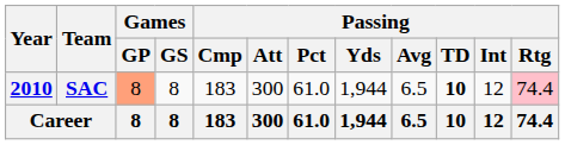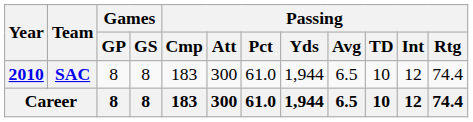 <table class="wikitable" style="text-align:center;">
 <tr>
 <th rowspan="2">Year</th>
 <th rowspan="2">Team</th>
 <th colspan="2">Games</th>
 <th colspan="8">Passing</th>
 </tr>
 <tr>
 <th>GP</th>
 <th>GS</th>
 <th>Cmp</th>
 <th>Att</th>
 <th>Pct</th>
 <th>Yds</th>
 <th>Avg</th>
 <th>TD</th>
 <th>Int</th>
 <th>Rtg</th>
 </tr>
 <tr>
 <th><a href='#'>2010</a></th>
 <th><a href='#'>SAC</a></th>
-<td style="background: lightsalmon;">8</td>
+<td>8</td>
 <td>8</td>
 <td>183</td>
 <td>300</td>
 <td>61.0</td>
 <td>1,944</td>
 <td>6.5</td>
-<td><strong>10</strong></td>
+<td>10</td>
 <td>12</td>
-<td style="background: pink;">74.4</td>
+<td>74.4</td>
 </tr>
 <tr>
 <th colspan="2">Career</th>
 <th>8</th>
 <th>8</th>
 <th>183</th>
 <th>300</th>
 <th>61.0</th>
 <th>1,944</th>
 <th>6.5</th>
 <th>10</th>
 <th>12</th>
 <th>74.4</th>
 </tr>
 </table>
